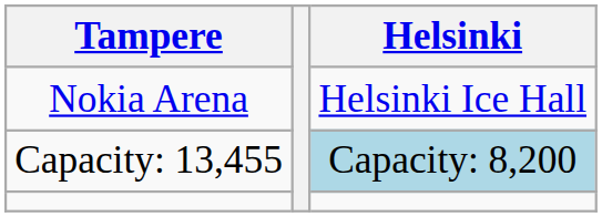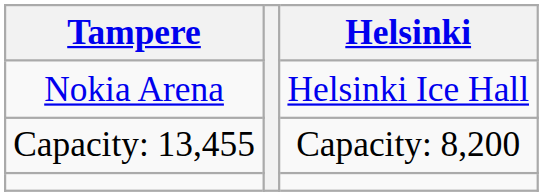 <table class="wikitable" style="text-align:center;">
 <tr>
 <th><a href='#'>Tampere</a></th>
 <th rowspan=4></th>
 <th><a href='#'>Helsinki</a></th>
 </tr>
 <tr>
 <td><a href='#'>Nokia Arena</a></td>
 <td><a href='#'>Helsinki Ice Hall</a></td>
 </tr>
 <tr>
 <td>Capacity: 13,455</td>
-<td style="background: lightblue;">Capacity: 8,200</td>
+<td>Capacity: 8,200</td>
 </tr>
 <tr>
 <td></td>
 <td></td>
 </tr>
 </table>
